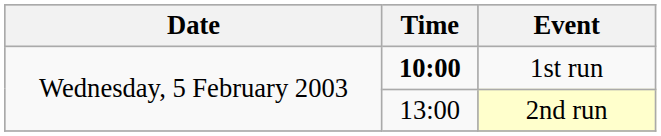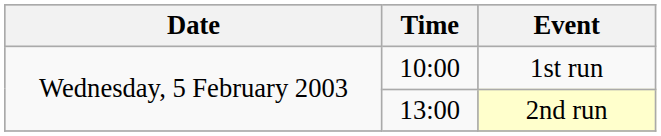 <table class = "wikitable" style="text-align:center;">
 <tr>
 <th width=220>Date</th>
 <th width=50>Time</th>
 <th width=100>Event</th>
 </tr>
 <tr>
 <td rowspan=2>Wednesday, 5 February 2003</td>
-<td><strong>10:00</strong></td>
+<td>10:00</td>
 <td>1st run</td>
 </tr>
 <tr>
 <td>13:00</td>
 <td bgcolor=ffffcc>2nd run</td>
 </tr>
 </table>
